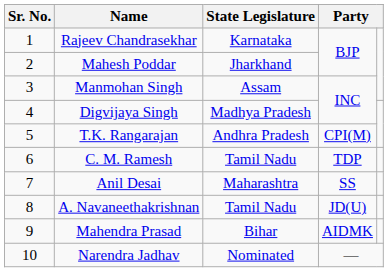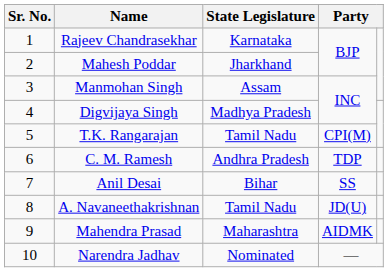 <table class="wikitable">
 <tr>
 <th>Sr. No.</th>
 <th>Name</th>
 <th>State Legislature</th>
 <th colspan="2">Party</th>
 </tr>
 <tr align="center">
 <td>1</td>
 <td><a href='#'>Rajeev Chandrasekhar</a></td>
 <td><a href='#'>Karnataka</a></td>
 <td rowspan="2"><a href='#'>BJP</a></td>
 <td rowspan="3"></td>
 </tr>
 <tr align="center">
 <td>2</td>
 <td><a href='#'>Mahesh Poddar</a></td>
 <td><a href='#'>Jharkhand</a></td>
 </tr>
 <tr align="center">
 <td>3</td>
 <td><a href='#'>Manmohan Singh</a></td>
 <td><a href='#'>Assam</a></td>
 <td rowspan="2"><a href='#'>INC</a></td>
 </tr>
 <tr align="center">
 <td>4</td>
 <td><a href='#'>Digvijaya Singh</a></td>
 <td><a href='#'>Madhya Pradesh</a></td>
 <td rowspan="2"></td>
 </tr>
 <tr align="center">
 <td>5</td>
 <td><a href='#'>T.K. Rangarajan</a></td>
-<td><a href='#'>Andhra Pradesh</a></td>
+<td><a href='#'>Tamil Nadu</a></td>
 <td><a href='#'>CPI(M)</a></td>
 </tr>
 <tr align="center">
 <td>6</td>
 <td><a href='#'>C. M. Ramesh</a></td>
-<td><a href='#'>Tamil Nadu</a></td>
+<td><a href='#'>Andhra Pradesh</a></td>
 <td><a href='#'>TDP</a></td>
 <td></td>
 </tr>
 <tr align="center">
 <td>7</td>
 <td><a href='#'>Anil Desai</a></td>
-<td><a href='#'>Maharashtra</a></td>
+<td><a href='#'>Bihar</a></td>
 <td><a href='#'>SS</a></td>
 <td></td>
 </tr>
 <tr align="center">
 <td>8</td>
 <td><a href='#'>A. Navaneethakrishnan</a></td>
 <td><a href='#'>Tamil Nadu</a></td>
 <td><a href='#'>JD(U)</a></td>
 <td></td>
 </tr>
 <tr align="center">
 <td>9</td>
 <td><a href='#'>Mahendra Prasad</a></td>
-<td><a href='#'>Bihar</a></td>
+<td><a href='#'>Maharashtra</a></td>
 <td><a href='#'>AIDMK</a></td>
 <td></td>
 </tr>
 <tr align="center">
 <td>10</td>
 <td><a href='#'>Narendra Jadhav</a></td>
 <td><a href='#'>Nominated</a></td>
 <td colspan="2">—</td>
 </tr>
 </table>
